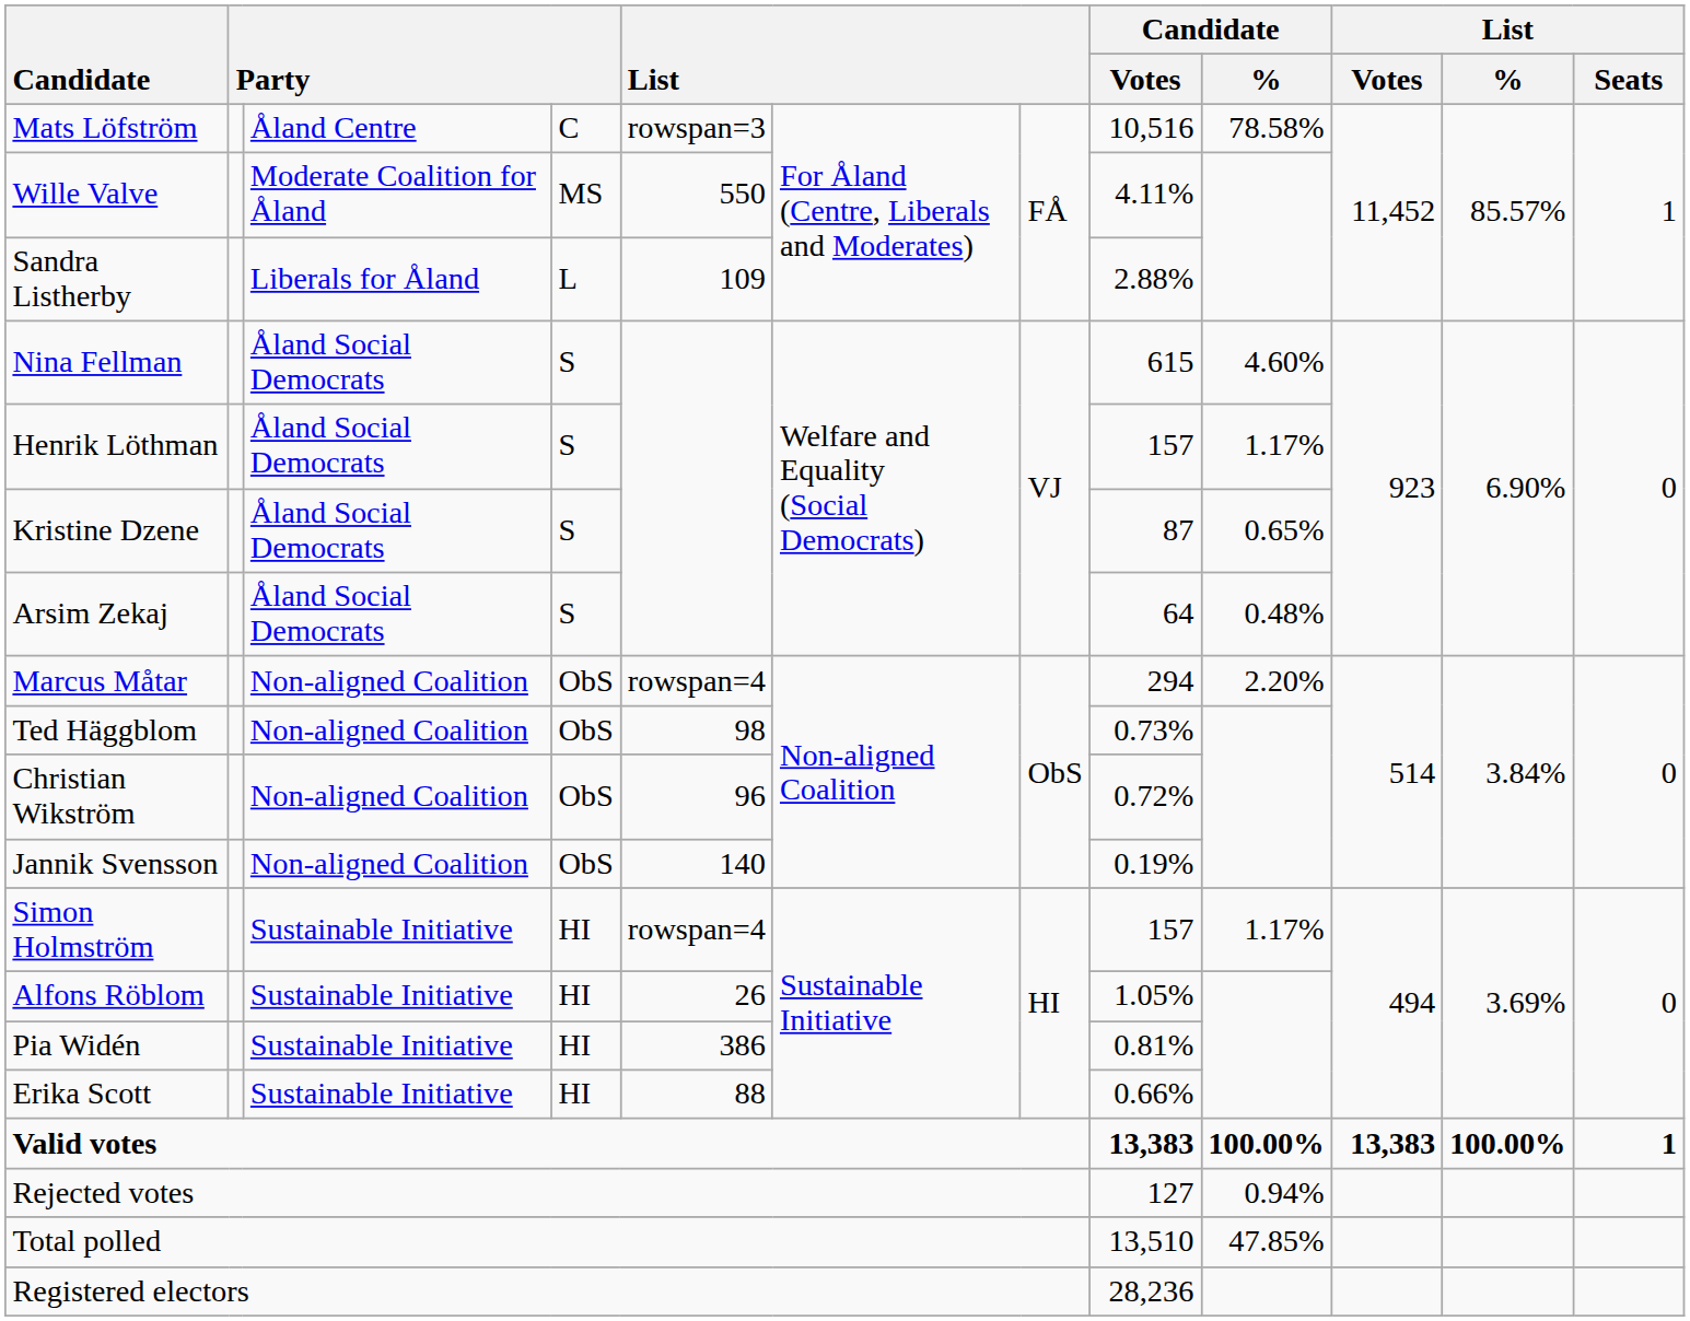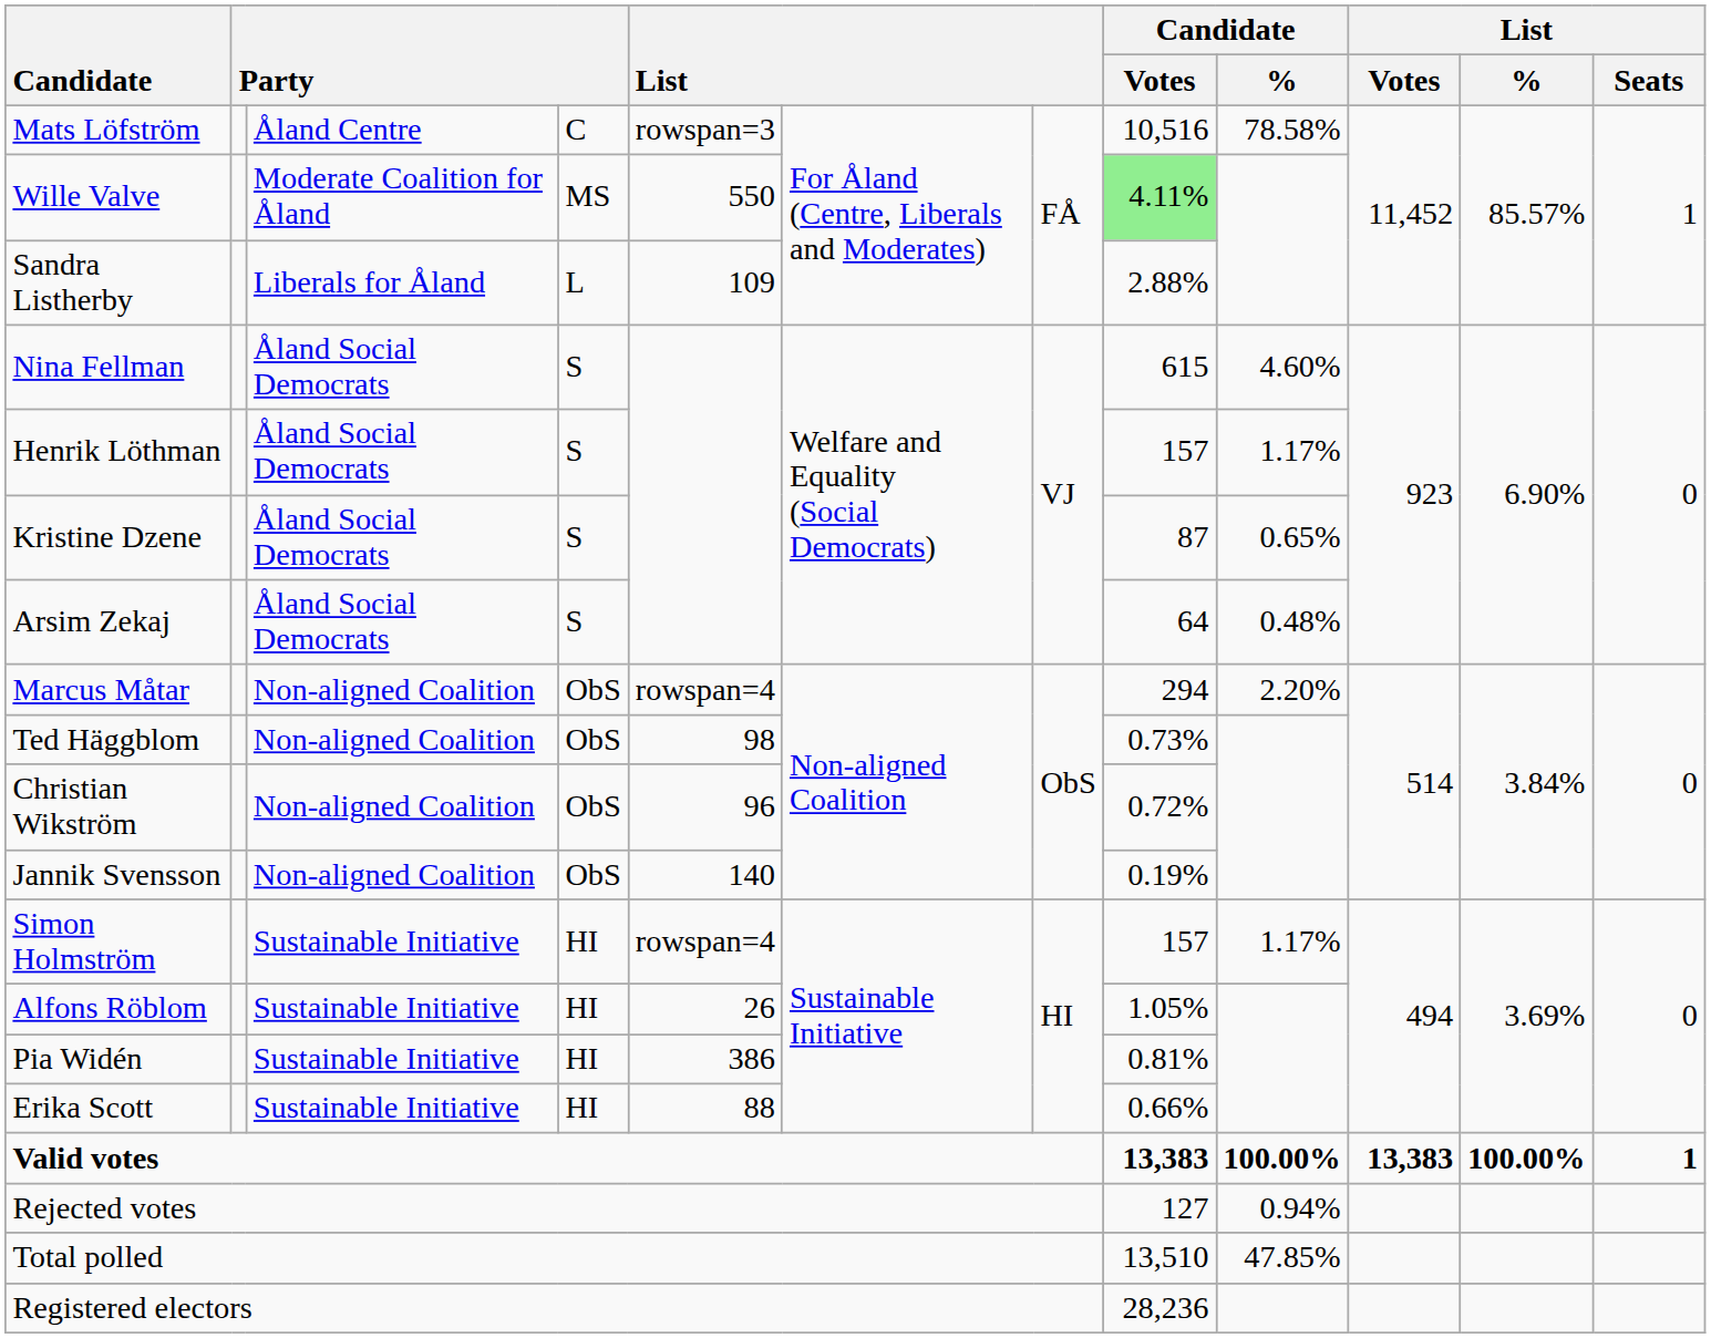 <table class="wikitable" border="1" style="text-align:right;">
 <tr>
 <th ! style="text-align:left;" valign=bottom rowspan=2>Candidate</th>
 <th style="text-align:left;" valign=bottom rowspan=2 colspan=3>Party</th>
 <th style="text-align:left;" valign=bottom rowspan=2 colspan=3>List</th>
 <th colspan=2>Candidate</th>
 <th colspan=3>List</th>
 </tr>
 <tr>
 <th align=center valign=bottom width="50">Votes</th>
 <th align=center valign=bottom width="50">%</th>
 <th align=center valign=bottom width="50">Votes</th>
 <th align=center valign=bottom width="50">%</th>
 <th align=center valign=bottom width="50">Seats</th>
 </tr>
 <tr>
 <td align=left><a href='#'>Mats Löfström</a></td>
 <td></td>
 <td align=left><a href='#'>Åland Centre</a></td>
 <td align=left>C</td>
 <td>rowspan=3 </td>
 <td rowspan=3 align=left><a href='#'>For Åland</a><br>(<a href='#'>Centre</a>, <a href='#'>Liberals</a><br>and <a href='#'>Moderates</a>)</td>
 <td rowspan=3 align=left>FÅ</td>
 <td>10,516</td>
 <td>78.58%</td>
 <td rowspan=3>11,452</td>
 <td rowspan=3>85.57%</td>
 <td rowspan=3>1</td>
 </tr>
 <tr>
 <td align=left><a href='#'>Wille Valve</a></td>
 <td></td>
 <td align=left><a href='#'>Moderate Coalition for Åland</a></td>
 <td align=left>MS</td>
 <td>550</td>
-<td>4.11%</td>
+<td style="background: lightgreen;">4.11%</td>
 </tr>
 <tr>
 <td align=left>Sandra Listherby</td>
 <td></td>
 <td align=left><a href='#'>Liberals for Åland</a></td>
 <td align=left>L</td>
 <td>109</td>
 <td>2.88%</td>
 </tr>
 <tr>
 <td align=left><a href='#'>Nina Fellman</a></td>
 <td></td>
 <td align=left><a href='#'>Åland Social Democrats</a></td>
 <td align=left>S</td>
 <td rowspan=4></td>
 <td rowspan=4 align=left>Welfare and Equality<br>(<a href='#'>Social Democrats</a>)</td>
 <td rowspan=4 align=left>VJ</td>
 <td>615</td>
 <td>4.60%</td>
 <td rowspan=4>923</td>
 <td rowspan=4>6.90%</td>
 <td rowspan=4>0</td>
 </tr>
 <tr>
 <td align=left>Henrik Löthman</td>
 <td></td>
 <td align=left><a href='#'>Åland Social Democrats</a></td>
 <td align=left>S</td>
 <td>157</td>
 <td>1.17%</td>
 </tr>
 <tr>
 <td align=left>Kristine Dzene</td>
 <td></td>
 <td align=left><a href='#'>Åland Social Democrats</a></td>
 <td align=left>S</td>
 <td>87</td>
 <td>0.65%</td>
 </tr>
 <tr>
 <td align=left>Arsim Zekaj</td>
 <td></td>
 <td align=left><a href='#'>Åland Social Democrats</a></td>
 <td align=left>S</td>
 <td>64</td>
 <td>0.48%</td>
 </tr>
 <tr>
 <td align=left><a href='#'>Marcus Måtar</a></td>
 <td></td>
 <td align=left><a href='#'>Non-aligned Coalition</a></td>
 <td align=left>ObS</td>
 <td>rowspan=4 </td>
 <td rowspan=4 align=left><a href='#'>Non-aligned Coalition</a></td>
 <td rowspan=4 align=left>ObS</td>
 <td>294</td>
 <td>2.20%</td>
 <td rowspan=4>514</td>
 <td rowspan=4>3.84%</td>
 <td rowspan=4>0</td>
 </tr>
 <tr>
 <td align=left>Ted Häggblom</td>
 <td></td>
 <td align=left><a href='#'>Non-aligned Coalition</a></td>
 <td align=left>ObS</td>
 <td>98</td>
 <td>0.73%</td>
 </tr>
 <tr>
 <td align=left>Christian Wikström</td>
 <td></td>
 <td align=left><a href='#'>Non-aligned Coalition</a></td>
 <td align=left>ObS</td>
 <td>96</td>
 <td>0.72%</td>
 </tr>
 <tr>
 <td align=left>Jannik Svensson</td>
 <td></td>
 <td align=left><a href='#'>Non-aligned Coalition</a></td>
 <td align=left>ObS</td>
 <td>140</td>
 <td>0.19%</td>
 </tr>
 <tr>
 <td align=left><a href='#'>Simon Holmström</a></td>
 <td></td>
 <td align=left><a href='#'>Sustainable Initiative</a></td>
 <td align=left>HI</td>
 <td>rowspan=4 </td>
 <td rowspan=4 align=left><a href='#'>Sustainable Initiative</a></td>
 <td rowspan=4 align=left>HI</td>
 <td>157</td>
 <td>1.17%</td>
 <td rowspan=4>494</td>
 <td rowspan=4>3.69%</td>
 <td rowspan=4>0</td>
 </tr>
 <tr>
 <td align=left><a href='#'>Alfons Röblom</a></td>
 <td></td>
 <td align=left><a href='#'>Sustainable Initiative</a></td>
 <td align=left>HI</td>
 <td>26</td>
 <td>1.05%</td>
 </tr>
 <tr>
 <td align=left>Pia Widén</td>
 <td></td>
 <td align=left><a href='#'>Sustainable Initiative</a></td>
 <td align=left>HI</td>
 <td>386</td>
 <td>0.81%</td>
 </tr>
 <tr>
 <td align=left>Erika Scott</td>
 <td></td>
 <td align=left><a href='#'>Sustainable Initiative</a></td>
 <td align=left>HI</td>
 <td>88</td>
 <td>0.66%</td>
 </tr>
 <tr style="font-weight:bold">
 <td align=left colspan=7>Valid votes</td>
 <td>13,383</td>
 <td>100.00%</td>
 <td>13,383</td>
 <td>100.00%</td>
 <td>1</td>
 </tr>
 <tr>
 <td align=left colspan=7>Rejected votes</td>
 <td>127</td>
 <td>0.94%</td>
 <td></td>
 <td></td>
 <td></td>
 </tr>
 <tr>
 <td align=left colspan=7>Total polled</td>
 <td>13,510</td>
 <td>47.85%</td>
 <td></td>
 <td></td>
 <td></td>
 </tr>
 <tr>
 <td align=left colspan=7>Registered electors</td>
 <td>28,236</td>
 <td></td>
 <td></td>
 <td></td>
 <td></td>
 </tr>
 </table>
